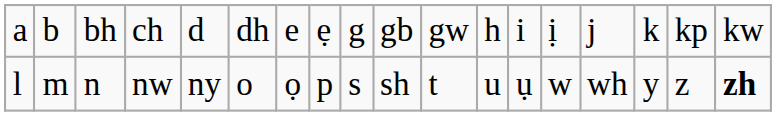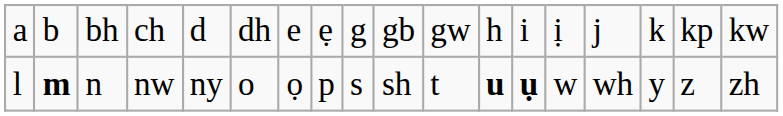 <table class="wikitable">
 <tr>
 <td>a</td>
 <td>b</td>
 <td>bh</td>
 <td>ch</td>
 <td>d</td>
 <td>dh</td>
 <td>e</td>
 <td>ẹ</td>
 <td>g</td>
 <td>gb</td>
 <td>gw</td>
 <td>h</td>
 <td>i</td>
 <td>ị</td>
 <td>j</td>
 <td>k</td>
 <td>kp</td>
 <td>kw</td>
 </tr>
 <tr>
 <td>l</td>
-<td>m</td>
+<td><strong>m</strong></td>
 <td>n</td>
 <td>nw</td>
 <td>ny</td>
 <td>o</td>
 <td>ọ</td>
 <td>p</td>
 <td>s</td>
 <td>sh</td>
 <td>t</td>
-<td>u</td>
-<td>ụ</td>
+<td><strong>u</strong></td>
+<td><strong>ụ</strong></td>
 <td>w</td>
 <td>wh</td>
 <td>y</td>
 <td>z</td>
-<td><strong>zh</strong></td>
+<td>zh</td>
 </tr>
 </table>
